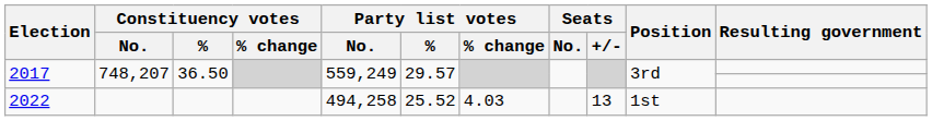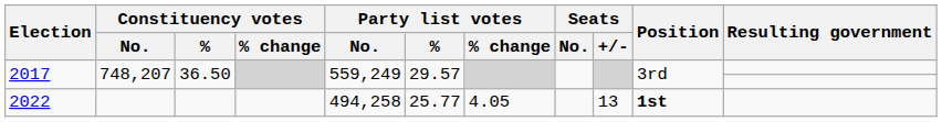 <table class="wikitable">
 <tr>
 <th rowspan="2" style="background-color:">Election</th>
 <th colspan="3" style="background-color:">Constituency votes</th>
 <th colspan="3" style="background-color:">Party list votes</th>
 <th colspan="2" style="background-color:">Seats</th>
 <th rowspan="2" style="background-color:">Position</th>
 <th rowspan="2" style="background-color:">Resulting government</th>
 </tr>
 <tr>
 <th style="background-color:">No.</th>
 <th style="background-color:">%</th>
 <th style="background-color:">% change</th>
 <th style="background-color:">No.</th>
 <th style="background-color:">%</th>
 <th style="background-color:">% change</th>
 <th style="background-color:">No.</th>
 <th style="background-color:">+/-</th>
 </tr>
 <tr>
 <td rowspan="2"><a href='#'>2017</a></td>
 <td rowspan="2">748,207</td>
 <td rowspan="2">36.50</td>
 <td rowspan="2" bgcolor="lightgrey"></td>
 <td rowspan="2">559,249</td>
 <td rowspan="2">29.57</td>
 <td rowspan="2" bgcolor="lightgrey"></td>
 <td rowspan="2"></td>
 <td rowspan="2" bgcolor="lightgrey"></td>
 <td rowspan="2">3rd</td>
 <td></td>
 </tr>
 <tr>
 <td></td>
 </tr>
 <tr>
 <td><a href='#'>2022</a></td>
 <td></td>
 <td></td>
 <td></td>
 <td>494,258</td>
-<td>25.52</td>
-<td> 4.03</td>
+<td>25.77</td>
+<td> 4.05</td>
 <td></td>
 <td> 13</td>
-<td> 1st</td>
+<td><strong> 1st</strong></td>
 <td></td>
 </tr>
 </table>
